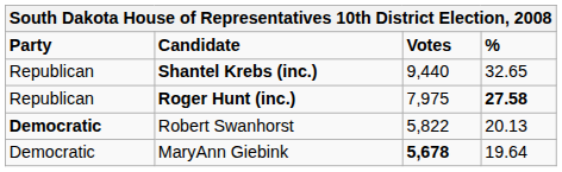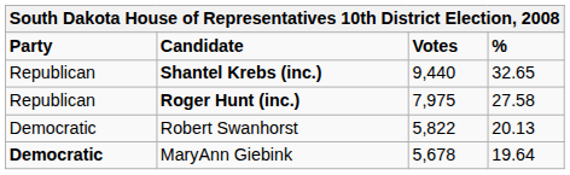 <table class="wikitable">
 <tr>
 <th colspan="4">South Dakota House of Representatives 10th District Election, 2008</th>
 </tr>
 <tr>
 <td><strong>Party</strong></td>
 <td><strong>Candidate</strong></td>
 <td><strong>Votes</strong></td>
 <td><strong>%</strong></td>
 </tr>
 <tr>
 <td>Republican</td>
 <td><strong>Shantel Krebs (inc.)</strong></td>
 <td>9,440</td>
 <td>32.65</td>
 </tr>
 <tr>
 <td>Republican</td>
 <td><strong>Roger Hunt (inc.)</strong></td>
 <td>7,975</td>
-<td><strong>27.58</strong></td>
+<td>27.58</td>
 </tr>
 <tr>
-<td><strong>Democratic</strong></td>
+<td>Democratic</td>
 <td>Robert Swanhorst</td>
 <td>5,822</td>
 <td>20.13</td>
 </tr>
 <tr>
-<td>Democratic</td>
+<td><strong>Democratic</strong></td>
 <td>MaryAnn Giebink</td>
-<td><strong>5,678</strong></td>
+<td>5,678</td>
 <td>19.64</td>
 </tr>
 </table>
